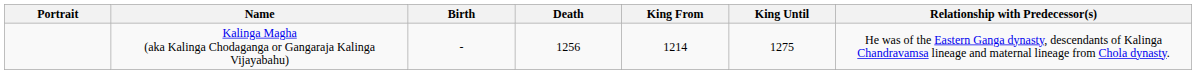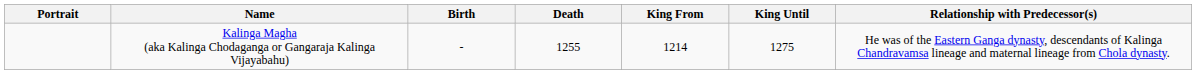 <table width=100% class="wikitable">
 <tr>
 <th width=9%>Portrait</th>
 <th width=25%>Name</th>
 <th width=9%>Birth</th>
 <th width=9%>Death</th>
 <th width=9%>King From</th>
 <th width=9%>King Until</th>
 <th width=30%>Relationship with Predecessor(s)</th>
 </tr>
 <tr>
 <td></td>
 <td align="center"><a href='#'>Kalinga Magha</a><br>(aka Kalinga Chodaganga or Gangaraja Kalinga Vijayabahu)</td>
 <td align="center">-</td>
-<td align="center">1256</td>
+<td align="center">1255</td>
 <td align="center">1214</td>
 <td align="center">1275</td>
 <td align="center">He was of the <a href='#'>Eastern Ganga dynasty</a>, descendants of Kalinga <a href='#'>Chandravamsa</a> lineage and maternal lineage from <a href='#'>Chola dynasty</a>.</td>
 </tr>
 </table>
